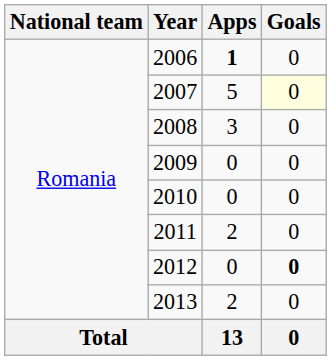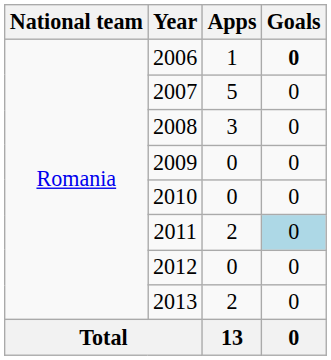 <table class="wikitable" style="text-align:center">
 <tr>
 <th>National team</th>
 <th>Year</th>
 <th>Apps</th>
 <th>Goals</th>
 </tr>
 <tr>
 <td rowspan="8"><a href='#'>Romania</a></td>
 <td>2006</td>
-<td><strong>1</strong></td>
-<td>0</td>
+<td>1</td>
+<td><strong>0</strong></td>
 </tr>
 <tr>
 <td>2007</td>
 <td>5</td>
-<td style="background: lightyellow;">0</td>
+<td>0</td>
 </tr>
 <tr>
 <td>2008</td>
 <td>3</td>
 <td>0</td>
 </tr>
 <tr>
 <td>2009</td>
 <td>0</td>
 <td>0</td>
 </tr>
 <tr>
 <td>2010</td>
 <td>0</td>
 <td>0</td>
 </tr>
 <tr>
 <td>2011</td>
 <td>2</td>
-<td>0</td>
+<td style="background: lightblue;">0</td>
 </tr>
 <tr>
 <td>2012</td>
 <td>0</td>
-<td><strong>0</strong></td>
+<td>0</td>
 </tr>
 <tr>
 <td>2013</td>
 <td>2</td>
 <td>0</td>
 </tr>
 <tr>
 <th colspan="2">Total</th>
 <th>13</th>
 <th>0</th>
 </tr>
 </table>
